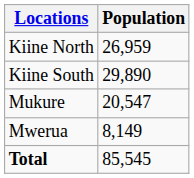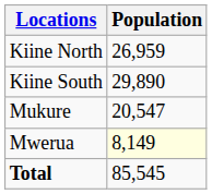 <table class="wikitable">
 <tr>
 <th><a href='#'>Locations</a></th>
 <th>Population</th>
 </tr>
 <tr>
 <td>Kiine North</td>
 <td>26,959</td>
 </tr>
 <tr>
 <td>Kiine South</td>
 <td>29,890</td>
 </tr>
 <tr>
 <td>Mukure</td>
 <td>20,547</td>
 </tr>
 <tr>
 <td>Mwerua</td>
-<td>8,149</td>
+<td style="background: lightyellow;">8,149</td>
 </tr>
 <tr>
 <td><strong>Total</strong></td>
 <td>85,545</td>
 </tr>
 </table>
